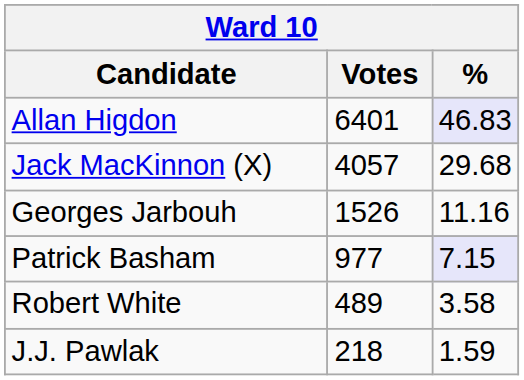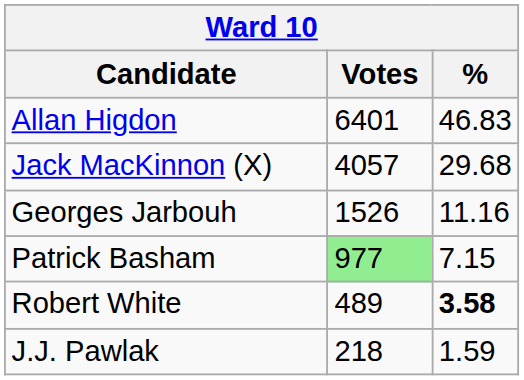 <table class="wikitable">
 <tr>
 <th colspan="3"><a href='#'>Ward 10</a></th>
 </tr>
 <tr>
 <th style="width: 170px">Candidate</th>
 <th style="width: 50px">Votes</th>
 <th style="width: 40px">%</th>
 </tr>
 <tr>
 <td><a href='#'>Allan Higdon</a></td>
 <td>6401</td>
-<td style="background: lavender;">46.83</td>
+<td>46.83</td>
 </tr>
 <tr>
 <td><a href='#'>Jack MacKinnon</a> (X)</td>
 <td>4057</td>
 <td>29.68</td>
 </tr>
 <tr>
 <td>Georges Jarbouh</td>
 <td>1526</td>
 <td>11.16</td>
 </tr>
 <tr>
 <td>Patrick Basham</td>
-<td>977</td>
-<td style="background: lavender;">7.15</td>
+<td style="background: lightgreen;">977</td>
+<td>7.15</td>
 </tr>
 <tr>
 <td>Robert White</td>
 <td>489</td>
-<td>3.58</td>
+<td><strong>3.58</strong></td>
 </tr>
 <tr>
 <td>J.J. Pawlak</td>
 <td>218</td>
 <td>1.59</td>
 </tr>
 </table>
